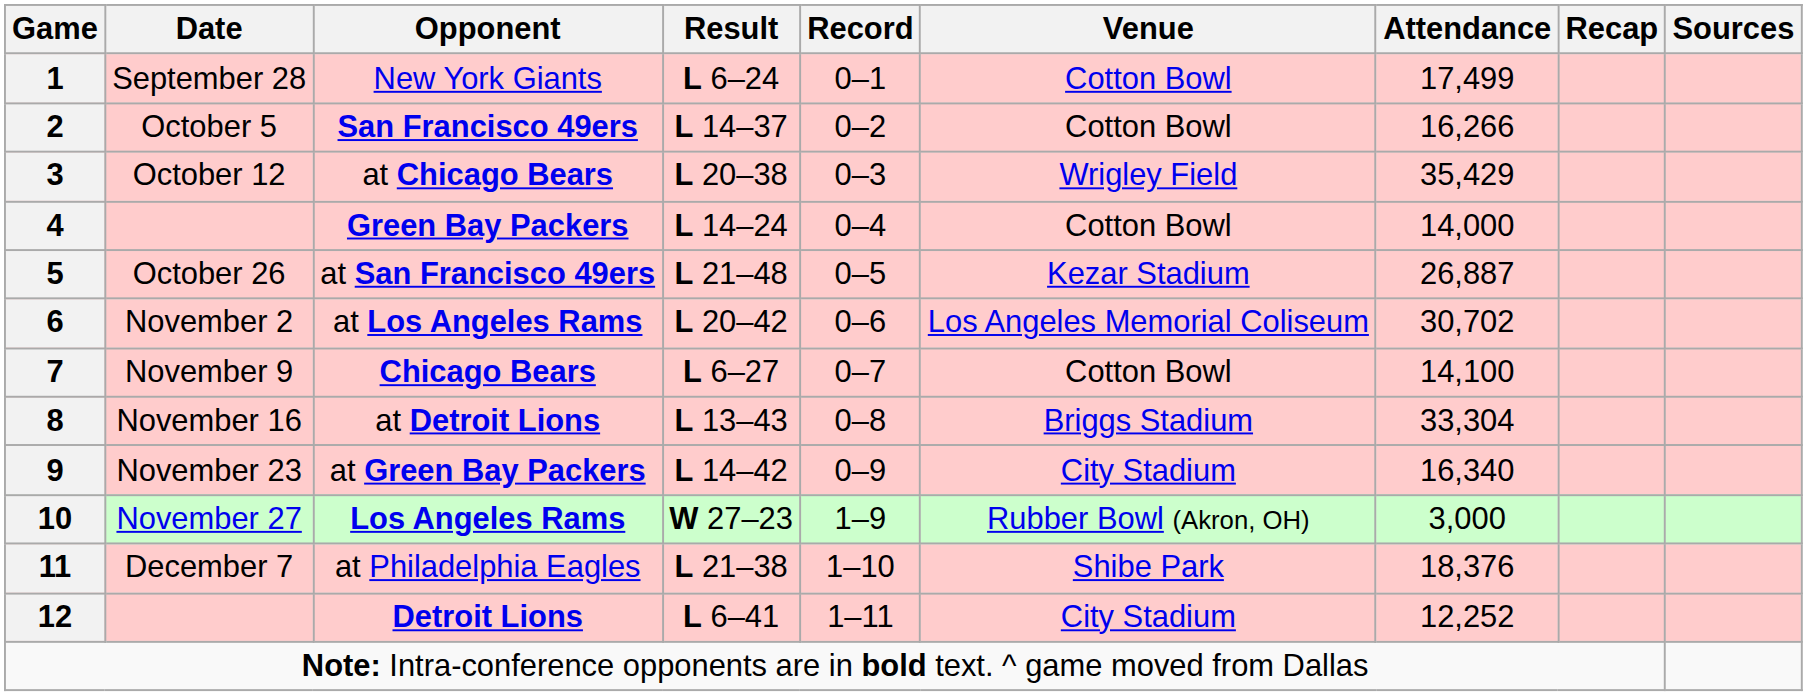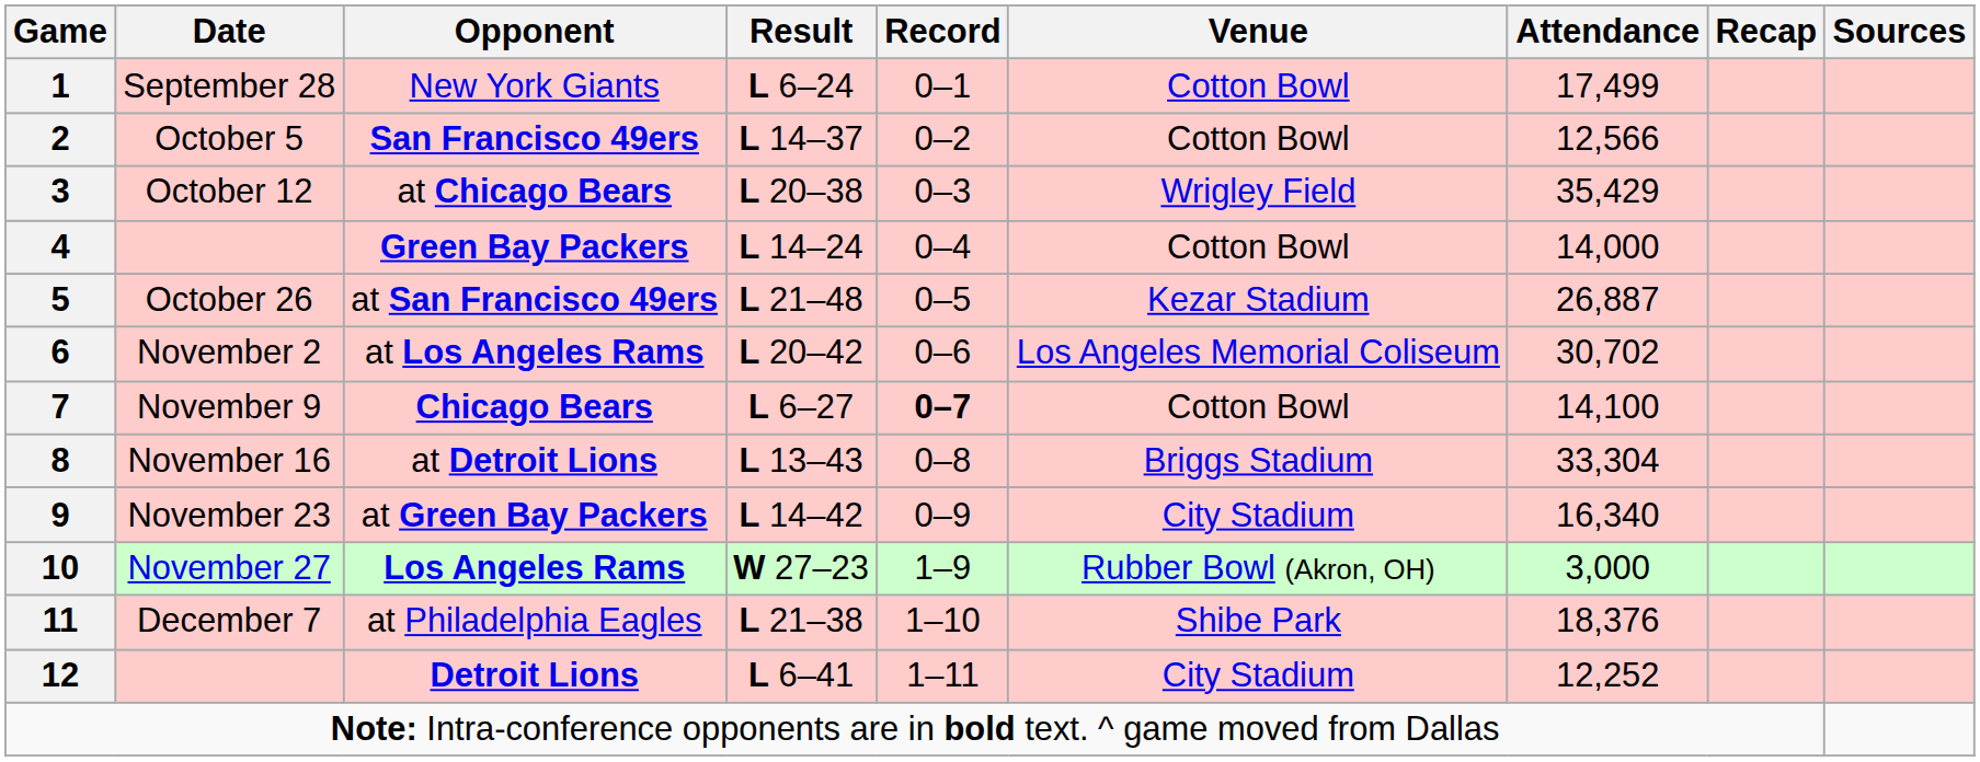 <table class="wikitable" style="text-align:center">
 <tr>
 <th>Game</th>
 <th>Date</th>
 <th>Opponent</th>
 <th>Result</th>
 <th>Record</th>
 <th>Venue</th>
 <th>Attendance</th>
 <th>Recap</th>
 <th>Sources</th>
 </tr>
 <tr style="background:#fcc">
 <th>1</th>
 <td>September 28</td>
 <td><a href='#'>New York Giants</a></td>
 <td><strong>L</strong> 6–24</td>
 <td>0–1</td>
 <td><a href='#'>Cotton Bowl</a></td>
 <td>17,499</td>
 <td></td>
 <td></td>
 </tr>
 <tr style="background:#fcc">
 <th>2</th>
 <td>October 5</td>
 <td><strong><a href='#'>San Francisco 49ers</a></strong></td>
 <td><strong>L</strong> 14–37</td>
 <td>0–2</td>
 <td>Cotton Bowl</td>
-<td>16,266</td>
+<td>12,566</td>
 <td></td>
 <td></td>
 </tr>
 <tr style="background:#fcc">
 <th>3</th>
 <td>October 12</td>
 <td>at <strong><a href='#'>Chicago Bears</a></strong></td>
 <td><strong>L</strong> 20–38</td>
 <td>0–3</td>
 <td><a href='#'>Wrigley Field</a></td>
 <td>35,429</td>
 <td></td>
 <td></td>
 </tr>
 <tr style="background:#fcc">
 <th>4</th>
 <td></td>
 <td><strong><a href='#'>Green Bay Packers</a></strong></td>
 <td><strong>L</strong> 14–24</td>
 <td>0–4</td>
 <td>Cotton Bowl</td>
 <td>14,000</td>
 <td></td>
 <td></td>
 </tr>
 <tr style="background:#fcc">
 <th>5</th>
 <td>October 26</td>
 <td>at <strong><a href='#'>San Francisco 49ers</a></strong></td>
 <td><strong>L</strong> 21–48</td>
 <td>0–5</td>
 <td><a href='#'>Kezar Stadium</a></td>
 <td>26,887</td>
 <td></td>
 <td></td>
 </tr>
 <tr style="background:#fcc">
 <th>6</th>
 <td>November 2</td>
 <td>at <strong><a href='#'>Los Angeles Rams</a></strong></td>
 <td><strong>L</strong> 20–42</td>
 <td>0–6</td>
 <td><a href='#'>Los Angeles Memorial Coliseum</a></td>
 <td>30,702</td>
 <td></td>
 <td></td>
 </tr>
 <tr style="background:#fcc">
 <th>7</th>
 <td>November 9</td>
 <td><strong><a href='#'>Chicago Bears</a></strong></td>
 <td><strong>L</strong> 6–27</td>
-<td>0–7</td>
+<td><strong>0–7</strong></td>
 <td>Cotton Bowl</td>
 <td>14,100</td>
 <td></td>
 <td></td>
 </tr>
 <tr style="background:#fcc">
 <th>8</th>
 <td>November 16</td>
 <td>at <strong><a href='#'>Detroit Lions</a></strong></td>
 <td><strong>L</strong> 13–43</td>
 <td>0–8</td>
 <td><a href='#'>Briggs Stadium</a></td>
 <td>33,304</td>
 <td></td>
 <td></td>
 </tr>
 <tr style="background:#fcc">
 <th>9</th>
 <td>November 23</td>
 <td>at <strong><a href='#'>Green Bay Packers</a></strong></td>
 <td><strong>L</strong> 14–42</td>
 <td>0–9</td>
 <td><a href='#'>City Stadium</a></td>
 <td>16,340</td>
 <td></td>
 <td></td>
 </tr>
 <tr style="background:#cfc">
 <th>10</th>
 <td><a href='#'>November 27</a></td>
 <td><strong><a href='#'>Los Angeles Rams</a></strong></td>
 <td><strong>W</strong> 27–23</td>
 <td>1–9</td>
 <td><a href='#'>Rubber Bowl</a> <small>(Akron, OH)</small></td>
 <td>3,000</td>
 <td></td>
 <td></td>
 </tr>
 <tr style="background:#fcc">
 <th>11</th>
 <td>December 7</td>
 <td>at <a href='#'>Philadelphia Eagles</a></td>
 <td><strong>L</strong> 21–38</td>
 <td>1–10</td>
 <td><a href='#'>Shibe Park</a></td>
 <td>18,376</td>
 <td></td>
 <td></td>
 </tr>
 <tr style="background:#fcc">
 <th>12</th>
 <td></td>
 <td><strong><a href='#'>Detroit Lions</a></strong></td>
 <td><strong>L</strong> 6–41</td>
 <td>1–11</td>
 <td><a href='#'>City Stadium</a></td>
 <td>12,252</td>
 <td></td>
 <td></td>
 </tr>
 <tr>
 <td colspan="8"><strong>Note:</strong> Intra-conference opponents are in <strong>bold</strong> text. ^ game moved from Dallas</td>
 </tr>
 </table>
